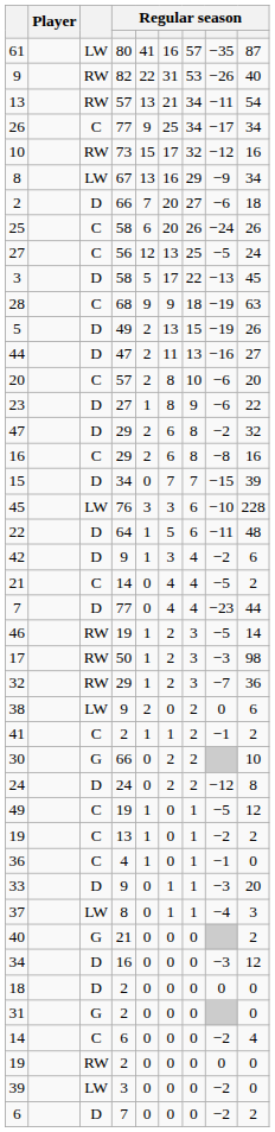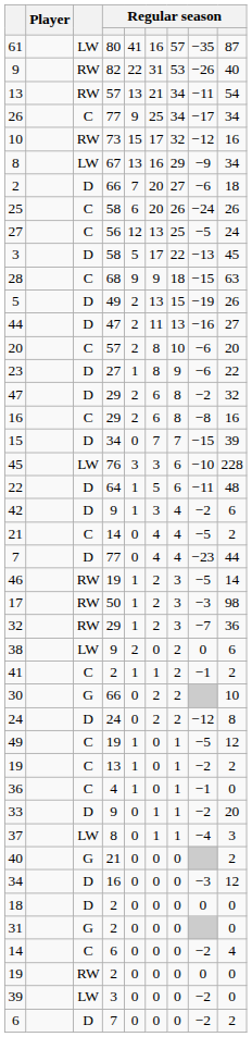 <table class="wikitable sortable plainrowheaders" style="text-align:center;">
 <tr>
 <th scope="col" data-sort-type="number" rowspan="2"></th>
 <th scope="col" rowspan="2">Player</th>
 <th scope="col" rowspan="2"></th>
 <th scope=colgroup colspan=6>Regular season</th>
 </tr>
 <tr>
 <th scope="col" data-sort-type="number"></th>
 <th scope="col" data-sort-type="number"></th>
 <th scope="col" data-sort-type="number"></th>
 <th scope="col" data-sort-type="number"></th>
 <th scope="col" data-sort-type="number"></th>
 <th scope="col" data-sort-type="number"></th>
 </tr>
 <tr>
 <td scope="row">61</td>
 <td align="left"></td>
 <td>LW</td>
 <td>80</td>
 <td>41</td>
 <td>16</td>
 <td>57</td>
 <td>−35</td>
 <td>87</td>
 </tr>
 <tr>
 <td scope="row">9</td>
 <td align="left"></td>
 <td>RW</td>
 <td>82</td>
 <td>22</td>
 <td>31</td>
 <td>53</td>
 <td>−26</td>
 <td>40</td>
 </tr>
 <tr>
 <td scope="row">13</td>
 <td align="left"></td>
 <td>RW</td>
 <td>57</td>
 <td>13</td>
 <td>21</td>
 <td>34</td>
 <td>−11</td>
 <td>54</td>
 </tr>
 <tr>
 <td scope="row">26</td>
 <td align="left"></td>
 <td>C</td>
 <td>77</td>
 <td>9</td>
 <td>25</td>
 <td>34</td>
 <td>−17</td>
 <td>34</td>
 </tr>
 <tr>
 <td scope="row">10</td>
 <td align="left"></td>
 <td>RW</td>
 <td>73</td>
 <td>15</td>
 <td>17</td>
 <td>32</td>
 <td>−12</td>
 <td>16</td>
 </tr>
 <tr>
 <td scope="row">8</td>
 <td align="left"></td>
 <td>LW</td>
 <td>67</td>
 <td>13</td>
 <td>16</td>
 <td>29</td>
 <td>−9</td>
 <td>34</td>
 </tr>
 <tr>
 <td scope="row">2</td>
 <td align="left"></td>
 <td>D</td>
 <td>66</td>
 <td>7</td>
 <td>20</td>
 <td>27</td>
 <td>−6</td>
 <td>18</td>
 </tr>
 <tr>
 <td scope="row">25</td>
 <td align="left"></td>
 <td>C</td>
 <td>58</td>
 <td>6</td>
 <td>20</td>
 <td>26</td>
 <td>−24</td>
 <td>26</td>
 </tr>
 <tr>
 <td scope="row">27</td>
 <td align="left"></td>
 <td>C</td>
 <td>56</td>
 <td>12</td>
 <td>13</td>
 <td>25</td>
 <td>−5</td>
 <td>24</td>
 </tr>
 <tr>
 <td scope="row">3</td>
 <td align="left"></td>
 <td>D</td>
 <td>58</td>
 <td>5</td>
 <td>17</td>
 <td>22</td>
 <td>−13</td>
 <td>45</td>
 </tr>
 <tr>
 <td scope="row">28</td>
 <td align="left"></td>
 <td>C</td>
 <td>68</td>
 <td>9</td>
 <td>9</td>
 <td>18</td>
-<td>−19</td>
+<td>−15</td>
 <td>63</td>
 </tr>
 <tr>
 <td scope="row">5</td>
 <td align="left"></td>
 <td>D</td>
 <td>49</td>
 <td>2</td>
 <td>13</td>
 <td>15</td>
 <td>−19</td>
 <td>26</td>
 </tr>
 <tr>
 <td scope="row">44</td>
 <td align="left"></td>
 <td>D</td>
 <td>47</td>
 <td>2</td>
 <td>11</td>
 <td>13</td>
 <td>−16</td>
 <td>27</td>
 </tr>
 <tr>
 <td scope="row">20</td>
 <td align="left"></td>
 <td>C</td>
 <td>57</td>
 <td>2</td>
 <td>8</td>
 <td>10</td>
 <td>−6</td>
 <td>20</td>
 </tr>
 <tr>
 <td scope="row">23</td>
 <td align="left"></td>
 <td>D</td>
 <td>27</td>
 <td>1</td>
 <td>8</td>
 <td>9</td>
 <td>−6</td>
 <td>22</td>
 </tr>
 <tr>
 <td scope="row">47</td>
 <td align="left"></td>
 <td>D</td>
 <td>29</td>
 <td>2</td>
 <td>6</td>
 <td>8</td>
 <td>−2</td>
 <td>32</td>
 </tr>
 <tr>
 <td scope="row">16</td>
 <td align="left"></td>
 <td>C</td>
 <td>29</td>
 <td>2</td>
 <td>6</td>
 <td>8</td>
 <td>−8</td>
 <td>16</td>
 </tr>
 <tr>
 <td scope="row">15</td>
 <td align="left"></td>
 <td>D</td>
 <td>34</td>
 <td>0</td>
 <td>7</td>
 <td>7</td>
 <td>−15</td>
 <td>39</td>
 </tr>
 <tr>
 <td scope="row">45</td>
 <td align="left"></td>
 <td>LW</td>
 <td>76</td>
 <td>3</td>
 <td>3</td>
 <td>6</td>
 <td>−10</td>
 <td>228</td>
 </tr>
 <tr>
 <td scope="row">22</td>
 <td align="left"></td>
 <td>D</td>
 <td>64</td>
 <td>1</td>
 <td>5</td>
 <td>6</td>
 <td>−11</td>
 <td>48</td>
 </tr>
 <tr>
 <td scope="row">42</td>
 <td align="left"></td>
 <td>D</td>
 <td>9</td>
 <td>1</td>
 <td>3</td>
 <td>4</td>
 <td>−2</td>
 <td>6</td>
 </tr>
 <tr>
 <td scope="row">21</td>
 <td align="left"></td>
 <td>C</td>
 <td>14</td>
 <td>0</td>
 <td>4</td>
 <td>4</td>
 <td>−5</td>
 <td>2</td>
 </tr>
 <tr>
 <td scope="row">7</td>
 <td align="left"></td>
 <td>D</td>
 <td>77</td>
 <td>0</td>
 <td>4</td>
 <td>4</td>
 <td>−23</td>
 <td>44</td>
 </tr>
 <tr>
 <td scope="row">46</td>
 <td align="left"></td>
 <td>RW</td>
 <td>19</td>
 <td>1</td>
 <td>2</td>
 <td>3</td>
 <td>−5</td>
 <td>14</td>
 </tr>
 <tr>
 <td scope="row">17</td>
 <td align="left"></td>
 <td>RW</td>
 <td>50</td>
 <td>1</td>
 <td>2</td>
 <td>3</td>
 <td>−3</td>
 <td>98</td>
 </tr>
 <tr>
 <td scope="row">32</td>
 <td align="left"></td>
 <td>RW</td>
 <td>29</td>
 <td>1</td>
 <td>2</td>
 <td>3</td>
 <td>−7</td>
 <td>36</td>
 </tr>
 <tr>
 <td scope="row">38</td>
 <td align="left"></td>
 <td>LW</td>
 <td>9</td>
 <td>2</td>
 <td>0</td>
 <td>2</td>
 <td>0</td>
 <td>6</td>
 </tr>
 <tr>
 <td scope="row">41</td>
 <td align="left"></td>
 <td>C</td>
 <td>2</td>
 <td>1</td>
 <td>1</td>
 <td>2</td>
 <td>−1</td>
 <td>2</td>
 </tr>
 <tr>
 <td scope="row">30</td>
 <td align="left"></td>
 <td>G</td>
 <td>66</td>
 <td>0</td>
 <td>2</td>
 <td>2</td>
 <td style="background:#ccc"></td>
 <td>10</td>
 </tr>
 <tr>
 <td scope="row">24</td>
 <td align="left"></td>
 <td>D</td>
 <td>24</td>
 <td>0</td>
 <td>2</td>
 <td>2</td>
 <td>−12</td>
 <td>8</td>
 </tr>
 <tr>
 <td scope="row">49</td>
 <td align="left"></td>
 <td>C</td>
 <td>19</td>
 <td>1</td>
 <td>0</td>
 <td>1</td>
 <td>−5</td>
 <td>12</td>
 </tr>
 <tr>
 <td scope="row">19</td>
 <td align="left"></td>
 <td>C</td>
 <td>13</td>
 <td>1</td>
 <td>0</td>
 <td>1</td>
 <td>−2</td>
 <td>2</td>
 </tr>
 <tr>
 <td scope="row">36</td>
 <td align="left"></td>
 <td>C</td>
 <td>4</td>
 <td>1</td>
 <td>0</td>
 <td>1</td>
 <td>−1</td>
 <td>0</td>
 </tr>
 <tr>
 <td scope="row">33</td>
 <td align="left"></td>
 <td>D</td>
 <td>9</td>
 <td>0</td>
 <td>1</td>
 <td>1</td>
-<td>−3</td>
+<td>−2</td>
 <td>20</td>
 </tr>
 <tr>
 <td scope="row">37</td>
 <td align="left"></td>
 <td>LW</td>
 <td>8</td>
 <td>0</td>
 <td>1</td>
 <td>1</td>
 <td>−4</td>
 <td>3</td>
 </tr>
 <tr>
 <td scope="row">40</td>
 <td align="left"></td>
 <td>G</td>
 <td>21</td>
 <td>0</td>
 <td>0</td>
 <td>0</td>
 <td style="background:#ccc"></td>
 <td>2</td>
 </tr>
 <tr>
 <td scope="row">34</td>
 <td align="left"></td>
 <td>D</td>
 <td>16</td>
 <td>0</td>
 <td>0</td>
 <td>0</td>
 <td>−3</td>
 <td>12</td>
 </tr>
 <tr>
 <td scope="row">18</td>
 <td align="left"></td>
 <td>D</td>
 <td>2</td>
 <td>0</td>
 <td>0</td>
 <td>0</td>
 <td>0</td>
 <td>0</td>
 </tr>
 <tr>
 <td scope="row">31</td>
 <td align="left"></td>
 <td>G</td>
 <td>2</td>
 <td>0</td>
 <td>0</td>
 <td>0</td>
 <td style="background:#ccc"></td>
 <td>0</td>
 </tr>
 <tr>
 <td scope="row">14</td>
 <td align="left"></td>
 <td>C</td>
 <td>6</td>
 <td>0</td>
 <td>0</td>
 <td>0</td>
 <td>−2</td>
 <td>4</td>
 </tr>
 <tr>
 <td scope="row">19</td>
 <td align="left"></td>
 <td>RW</td>
 <td>2</td>
 <td>0</td>
 <td>0</td>
 <td>0</td>
 <td>0</td>
 <td>0</td>
 </tr>
 <tr>
 <td scope="row">39</td>
 <td align="left"></td>
 <td>LW</td>
 <td>3</td>
 <td>0</td>
 <td>0</td>
 <td>0</td>
 <td>−2</td>
 <td>0</td>
 </tr>
 <tr>
 <td scope="row">6</td>
 <td align="left"></td>
 <td>D</td>
 <td>7</td>
 <td>0</td>
 <td>0</td>
 <td>0</td>
 <td>−2</td>
 <td>2</td>
 </tr>
 </table>
